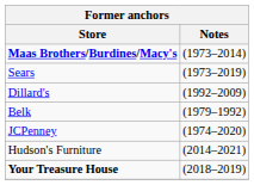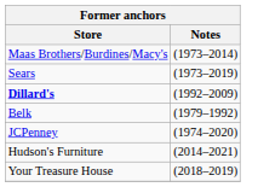 <table class="wikitable">
 <tr>
 <th colspan="3">Former anchors</th>
 </tr>
 <tr>
 <th>Store</th>
 <th colspan="2">Notes</th>
 </tr>
 <tr>
-<td><strong><a href='#'>Maas Brothers</a>/<a href='#'>Burdines</a>/<a href='#'>Macy's</a></strong></td>
+<td><a href='#'>Maas Brothers</a>/<a href='#'>Burdines</a>/<a href='#'>Macy's</a></td>
 <td colspan="2">(1973–2014)</td>
 </tr>
 <tr>
 <td><a href='#'>Sears</a></td>
 <td colspan="2">(1973–2019)</td>
 </tr>
 <tr>
-<td><a href='#'>Dillard's</a></td>
+<td><strong><a href='#'>Dillard's</a></strong></td>
 <td colspan="2">(1992–2009)</td>
 </tr>
 <tr>
 <td><a href='#'>Belk</a></td>
 <td colspan="2">(1979–1992)</td>
 </tr>
 <tr>
 <td><a href='#'>JCPenney</a></td>
 <td colspan="2">(1974–2020)</td>
 </tr>
 <tr>
 <td>Hudson's Furniture</td>
 <td colspan="2">(2014–2021)</td>
 </tr>
 <tr>
-<td><strong>Your Treasure House</strong></td>
+<td>Your Treasure House</td>
 <td colspan="2">(2018–2019)</td>
 </tr>
 <tr>
 </tr>
 </table>
